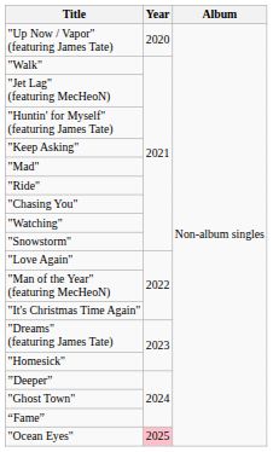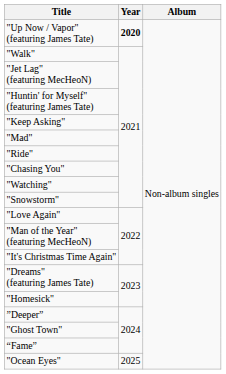 <table class="wikitable">
 <tr>
 <th>Title</th>
 <th>Year</th>
 <th>Album</th>
 </tr>
 <tr>
 <td>"Up Now / Vapor"<br><span>(featuring James Tate)</span></td>
-<td>2020</td>
+<td><strong>2020</strong></td>
 <td rowspan="19">Non-album singles</td>
 </tr>
 <tr>
 <td>"Walk"</td>
 <td rowspan="9">2021</td>
 </tr>
 <tr>
 <td>"Jet Lag"<br><span>(featuring MecHeoN)</span></td>
 </tr>
 <tr>
 <td>"Huntin' for Myself"<br><span>(featuring James Tate)</span></td>
 </tr>
 <tr>
 <td>"Keep Asking"</td>
 </tr>
 <tr>
 <td>"Mad"</td>
 </tr>
 <tr>
 <td>"Ride"</td>
 </tr>
 <tr>
 <td>"Chasing You"</td>
 </tr>
 <tr>
 <td>"Watching"</td>
 </tr>
 <tr>
 <td>"Snowstorm"</td>
 </tr>
 <tr>
 <td>"Love Again"</td>
 <td rowspan="3">2022</td>
 </tr>
 <tr>
 <td>"Man of the Year"<br><span>(featuring MecHeoN)</span></td>
 </tr>
 <tr>
 <td>"It's Christmas Time Again"</td>
 </tr>
 <tr>
 <td>"Dreams"<br><span>(featuring James Tate)</span></td>
 <td rowspan="2">2023</td>
 </tr>
 <tr>
 <td>"Homesick"</td>
 </tr>
 <tr>
 <td>”Deeper”</td>
 <td rowspan="3">2024</td>
 </tr>
 <tr>
 <td>"Ghost Town"</td>
 </tr>
 <tr>
 <td>“Fame”</td>
 </tr>
 <tr>
 <td>"Ocean Eyes"</td>
-<td style="background: pink;">2025</td>
+<td>2025</td>
 </tr>
 </table>
